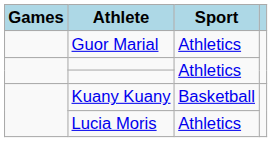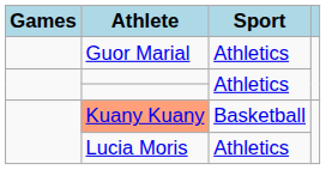 <table class="wikitable" style="text-align:left">
 <tr>
 <th style="background-color:lightblue">Games</th>
 <th style="background-color:lightblue">Athlete</th>
 <th style="background-color:lightblue">Sport</th>
 <th style="background-color:lightblue"></th>
 </tr>
 <tr>
 <td></td>
 <td><a href='#'>Guor Marial</a></td>
 <td><a href='#'>Athletics</a></td>
 <td rowspan="3"></td>
 </tr>
 <tr>
 <td rowspan="2"></td>
 <td></td>
 <td rowspan="2"><a href='#'>Athletics</a></td>
 </tr>
 <tr>
 <td></td>
 </tr>
 <tr>
 <td rowspan="2"></td>
-<td><a href='#'>Kuany Kuany</a></td>
+<td style="background: lightsalmon;"><a href='#'>Kuany Kuany</a></td>
 <td><a href='#'>Basketball</a></td>
 <td rowspan="2"></td>
 </tr>
 <tr>
 <td><a href='#'>Lucia Moris</a></td>
 <td><a href='#'>Athletics</a></td>
 </tr>
 </table>
